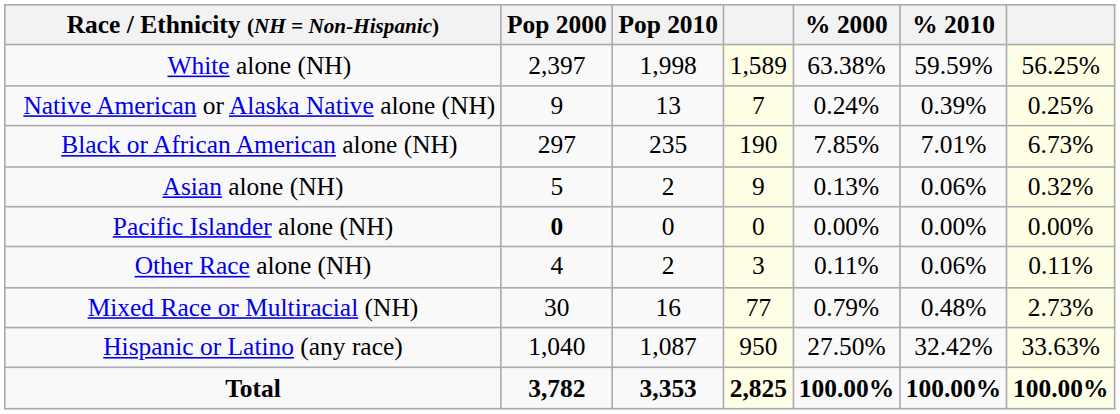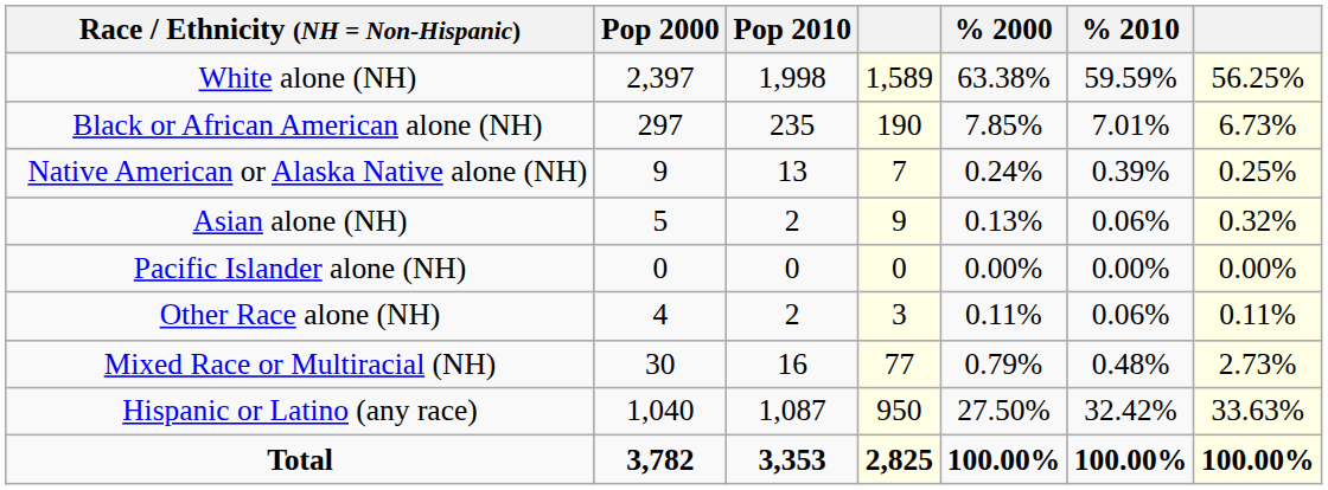 <table class="wikitable" style="text-align:center;">
 <tr>
 <th>Race / Ethnicity <small>(<em>NH = Non-Hispanic</em>)</small></th>
 <th>Pop 2000</th>
 <th>Pop 2010</th>
 <th></th>
 <th>% 2000</th>
 <th>% 2010</th>
 <th></th>
 </tr>
 <tr>
 <td>  <a href='#'>White</a> alone (NH)</td>
 <td>2,397</td>
 <td>1,998</td>
 <td style='background: #ffffe6;'>1,589</td>
 <td>63.38%</td>
 <td>59.59%</td>
 <td style='background: #ffffe6;'>56.25%</td>
 </tr>
 <tr>
+<td>  <a href='#'>Black or African American</a> alone (NH)</td>
+<td>297</td>
+<td>235</td>
+<td style='background: #ffffe6;'>190</td>
+<td>7.85%</td>
+<td>7.01%</td>
+<td style='background: #ffffe6;'>6.73%</td>
+</tr>
+<tr>
 <td>  <a href='#'>Native American</a> or <a href='#'>Alaska Native</a> alone (NH)</td>
 <td>9</td>
 <td>13</td>
 <td style='background: #ffffe6;'>7</td>
 <td>0.24%</td>
 <td>0.39%</td>
 <td style='background: #ffffe6;'>0.25%</td>
-</tr>
-<tr>
-<td>  <a href='#'>Black or African American</a> alone (NH)</td>
-<td>297</td>
-<td>235</td>
-<td style='background: #ffffe6;'>190</td>
-<td>7.85%</td>
-<td>7.01%</td>
-<td style='background: #ffffe6;'>6.73%</td>
 </tr>
 <tr>
 <td><a href='#'>Asian</a> alone (NH)</td>
 <td>5</td>
 <td>2</td>
 <td style='background: #ffffe6;'>9</td>
 <td>0.13%</td>
 <td>0.06%</td>
 <td style='background: #ffffe6;'>0.32%</td>
 </tr>
 <tr>
 <td><a href='#'>Pacific Islander</a> alone (NH)</td>
-<td><strong>0</strong></td>
+<td>0</td>
 <td>0</td>
 <td style='background: #ffffe6;'>0</td>
 <td>0.00%</td>
 <td>0.00%</td>
 <td style='background: #ffffe6;'>0.00%</td>
 </tr>
 <tr>
 <td><a href='#'>Other Race</a> alone (NH)</td>
 <td>4</td>
 <td>2</td>
 <td style='background: #ffffe6;'>3</td>
 <td>0.11%</td>
 <td>0.06%</td>
 <td style='background: #ffffe6;'>0.11%</td>
 </tr>
 <tr>
 <td><a href='#'>Mixed Race or Multiracial</a> (NH)</td>
 <td>30</td>
 <td>16</td>
 <td style='background: #ffffe6;'>77</td>
 <td>0.79%</td>
 <td>0.48%</td>
 <td style='background: #ffffe6;'>2.73%</td>
 </tr>
 <tr>
 <td><a href='#'>Hispanic or Latino</a> (any race)</td>
 <td>1,040</td>
 <td>1,087</td>
 <td style='background: #ffffe6;'>950</td>
 <td>27.50%</td>
 <td>32.42%</td>
 <td style='background: #ffffe6;'>33.63%</td>
 </tr>
 <tr>
 <td><strong>Total</strong></td>
 <td><strong>3,782</strong></td>
 <td><strong>3,353</strong></td>
 <td style='background: #ffffe6;'><strong>2,825</strong></td>
 <td><strong>100.00%</strong></td>
 <td><strong>100.00%</strong></td>
 <td style='background: #ffffe6;'><strong>100.00%</strong></td>
 </tr>
 </table>
